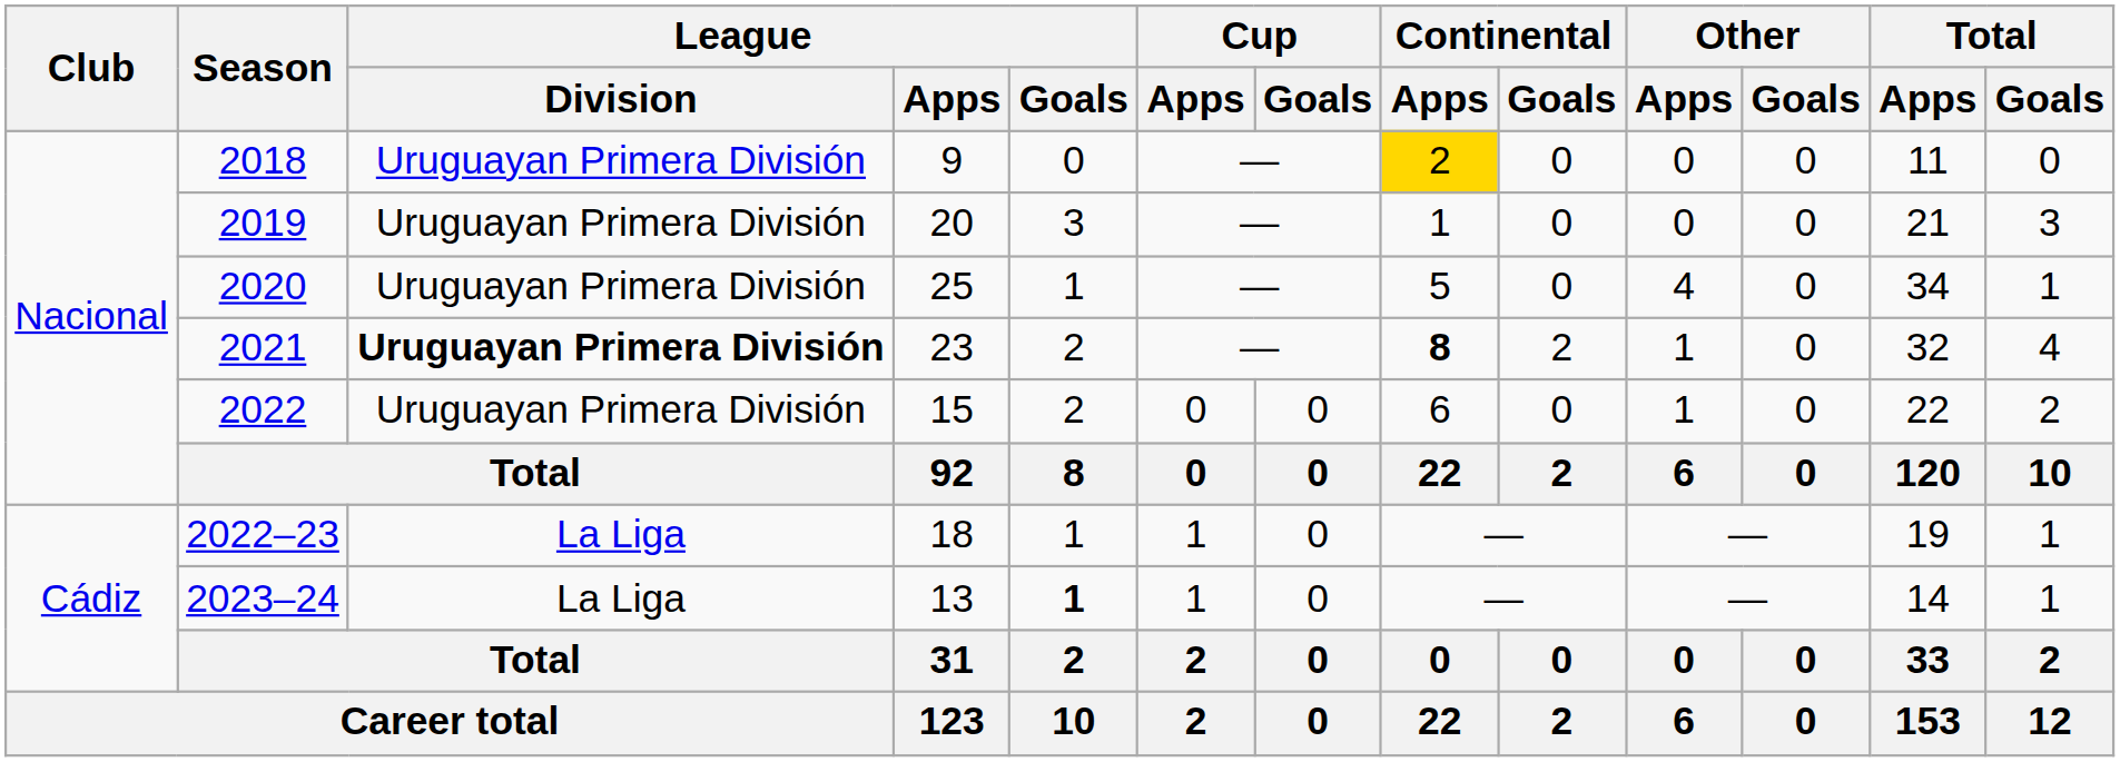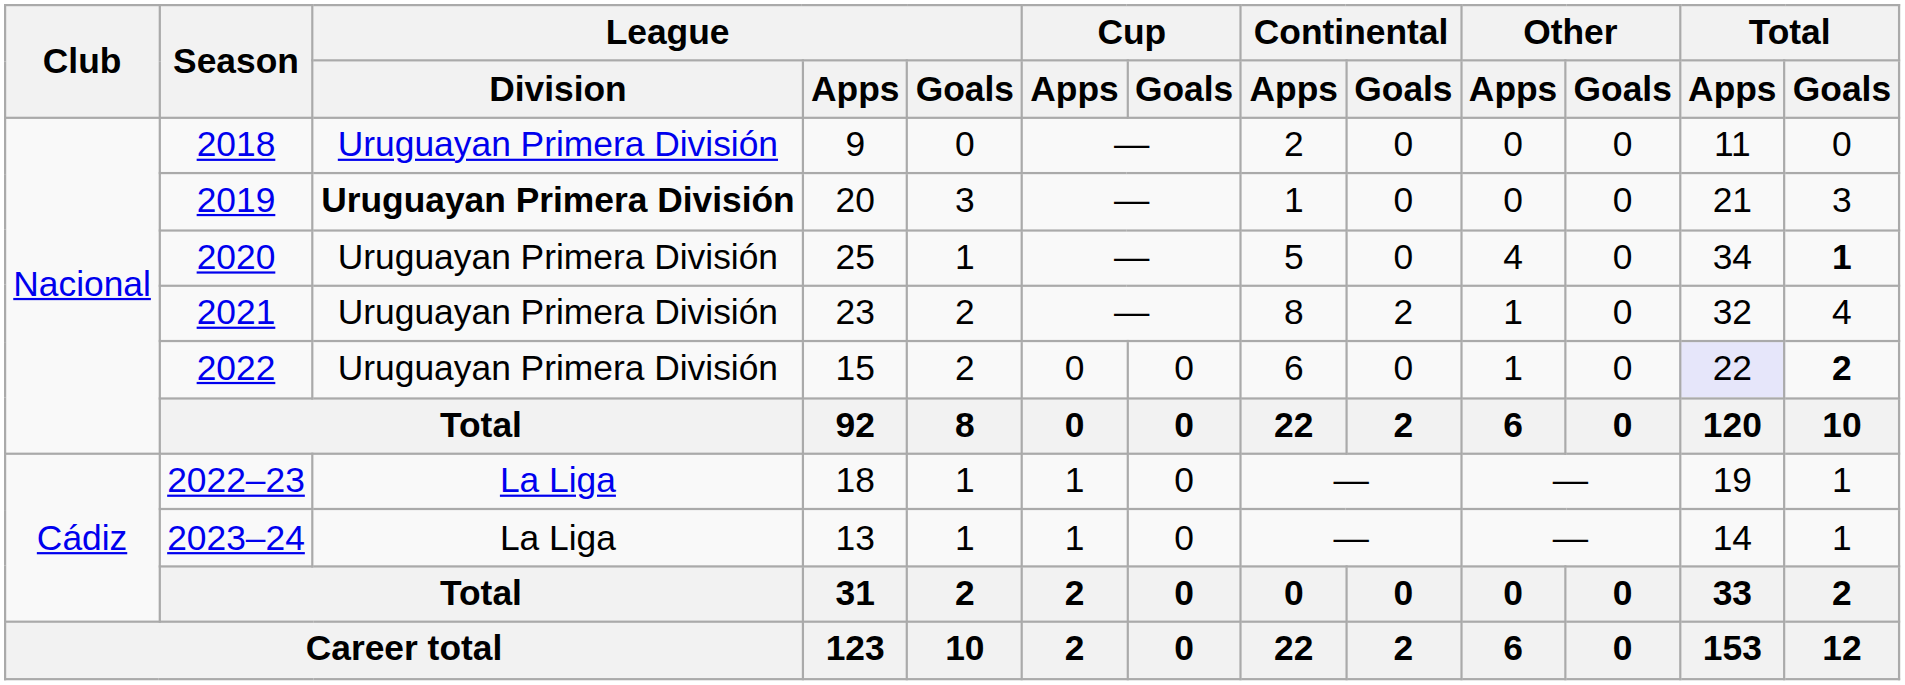 <table class="wikitable" Style="text-align: center">
 <tr>
 <th rowspan="2">Club</th>
 <th rowspan="2">Season</th>
 <th colspan="3">League</th>
 <th colspan="2">Cup</th>
 <th colspan="2">Continental</th>
 <th colspan="2">Other</th>
 <th colspan="2">Total</th>
 </tr>
 <tr>
 <th>Division</th>
 <th>Apps</th>
 <th>Goals</th>
 <th>Apps</th>
 <th>Goals</th>
 <th>Apps</th>
 <th>Goals</th>
 <th>Apps</th>
 <th>Goals</th>
 <th>Apps</th>
 <th>Goals</th>
 </tr>
 <tr>
 <td rowspan="6"><a href='#'>Nacional</a></td>
 <td><a href='#'>2018</a></td>
 <td><a href='#'>Uruguayan Primera División</a></td>
 <td>9</td>
 <td>0</td>
 <td colspan="2">—</td>
-<td style="background: gold;">2</td>
+<td>2</td>
 <td>0</td>
 <td>0</td>
 <td>0</td>
 <td>11</td>
 <td>0</td>
 </tr>
 <tr>
 <td><a href='#'>2019</a></td>
-<td>Uruguayan Primera División</td>
+<td><strong>Uruguayan Primera División</strong></td>
 <td>20</td>
 <td>3</td>
 <td colspan="2">—</td>
 <td>1</td>
 <td>0</td>
 <td>0</td>
 <td>0</td>
 <td>21</td>
 <td>3</td>
 </tr>
 <tr>
 <td><a href='#'>2020</a></td>
 <td>Uruguayan Primera División</td>
 <td>25</td>
 <td>1</td>
 <td colspan="2">—</td>
 <td>5</td>
 <td>0</td>
 <td>4</td>
 <td>0</td>
 <td>34</td>
-<td>1</td>
+<td><strong>1</strong></td>
 </tr>
 <tr>
 <td><a href='#'>2021</a></td>
-<td><strong>Uruguayan Primera División</strong></td>
+<td>Uruguayan Primera División</td>
 <td>23</td>
 <td>2</td>
 <td colspan="2">—</td>
-<td><strong>8</strong></td>
+<td>8</td>
 <td>2</td>
 <td>1</td>
 <td>0</td>
 <td>32</td>
 <td>4</td>
 </tr>
 <tr>
 <td><a href='#'>2022</a></td>
 <td>Uruguayan Primera División</td>
 <td>15</td>
 <td>2</td>
 <td>0</td>
 <td>0</td>
 <td>6</td>
 <td>0</td>
 <td>1</td>
 <td>0</td>
-<td>22</td>
-<td>2</td>
+<td style="background: lavender;">22</td>
+<td><strong>2</strong></td>
 </tr>
 <tr>
 <th colspan="2">Total</th>
 <th>92</th>
 <th>8</th>
 <th>0</th>
 <th>0</th>
 <th>22</th>
 <th>2</th>
 <th>6</th>
 <th>0</th>
 <th>120</th>
 <th>10</th>
 </tr>
 <tr>
 <td rowspan="3"><a href='#'>Cádiz</a></td>
 <td><a href='#'>2022–23</a></td>
 <td><a href='#'>La Liga</a></td>
 <td>18</td>
 <td>1</td>
 <td>1</td>
 <td>0</td>
 <td colspan="2">—</td>
 <td colspan="2">—</td>
 <td>19</td>
 <td>1</td>
 </tr>
 <tr>
 <td><a href='#'>2023–24</a></td>
 <td>La Liga</td>
 <td>13</td>
-<td><strong>1</strong></td>
+<td>1</td>
 <td>1</td>
 <td>0</td>
 <td colspan="2">—</td>
 <td colspan="2">—</td>
 <td>14</td>
 <td>1</td>
 </tr>
 <tr>
 <th colspan="2">Total</th>
 <th>31</th>
 <th>2</th>
 <th>2</th>
 <th>0</th>
 <th>0</th>
 <th>0</th>
 <th>0</th>
 <th>0</th>
 <th>33</th>
 <th>2</th>
 </tr>
 <tr>
 <th colspan="3">Career total</th>
 <th>123</th>
 <th>10</th>
 <th>2</th>
 <th>0</th>
 <th>22</th>
 <th>2</th>
 <th>6</th>
 <th>0</th>
 <th>153</th>
 <th>12</th>
 </tr>
 </table>
